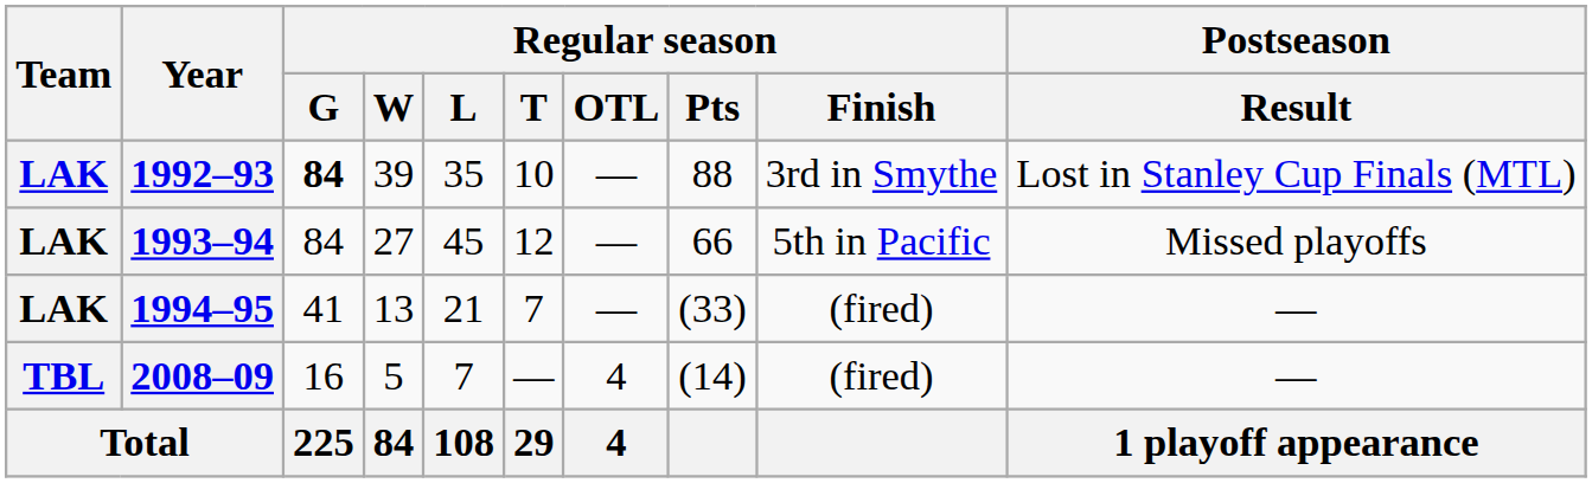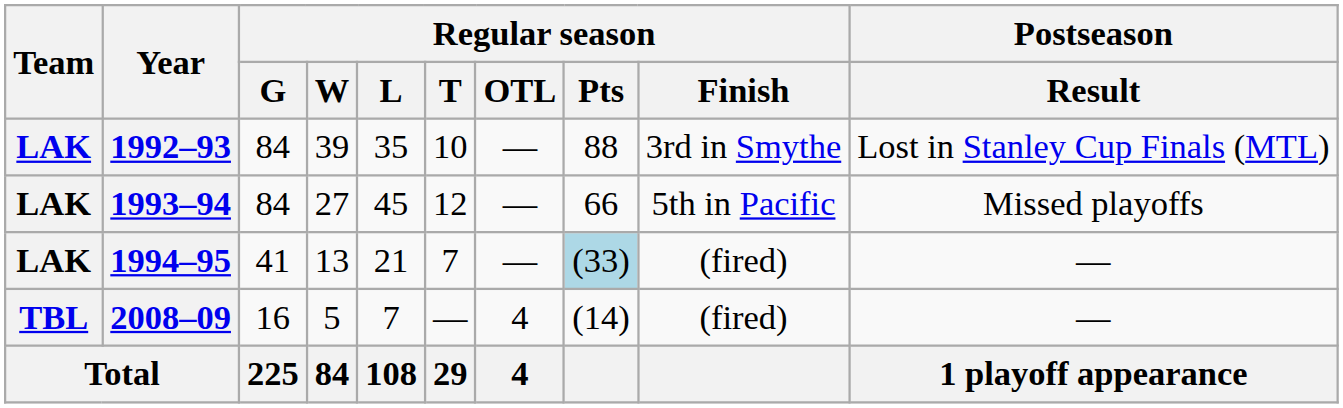 <table class="wikitable" style="font-size: 95%; text-align:center;">
 <tr>
 <th rowspan="2">Team</th>
 <th rowspan="2">Year</th>
 <th colspan="7">Regular season</th>
 <th colspan="1">Postseason</th>
 </tr>
 <tr>
 <th>G</th>
 <th>W</th>
 <th>L</th>
 <th>T</th>
 <th>OTL</th>
 <th>Pts</th>
 <th>Finish</th>
 <th>Result</th>
 </tr>
 <tr>
 <th><a href='#'>LAK</a></th>
 <th><a href='#'>1992–93</a></th>
-<td><strong>84</strong></td>
+<td>84</td>
 <td>39</td>
 <td>35</td>
 <td>10</td>
 <td>—</td>
 <td>88</td>
 <td>3rd in <a href='#'>Smythe</a></td>
 <td>Lost in <a href='#'>Stanley Cup Finals</a> (<a href='#'>MTL</a>)</td>
 </tr>
 <tr>
 <th>LAK</th>
 <th><a href='#'>1993–94</a></th>
 <td>84</td>
 <td>27</td>
 <td>45</td>
 <td>12</td>
 <td>—</td>
 <td>66</td>
 <td>5th in <a href='#'>Pacific</a></td>
 <td>Missed playoffs</td>
 </tr>
 <tr>
 <th>LAK</th>
 <th><a href='#'>1994–95</a></th>
 <td>41</td>
 <td>13</td>
 <td>21</td>
 <td>7</td>
 <td>—</td>
-<td>(33)</td>
+<td style="background: lightblue;">(33)</td>
 <td>(fired)</td>
 <td>—</td>
 </tr>
 <tr>
 <th><a href='#'>TBL</a></th>
 <th><a href='#'>2008–09</a></th>
 <td>16</td>
 <td>5</td>
 <td>7</td>
 <td>—</td>
 <td>4</td>
 <td>(14)</td>
 <td>(fired)</td>
 <td>—</td>
 </tr>
 <tr>
 <th colspan="2">Total</th>
 <th>225</th>
 <th>84</th>
 <th>108</th>
 <th>29</th>
 <th>4</th>
 <th></th>
 <th></th>
 <th>1 playoff appearance</th>
 </tr>
 </table>
